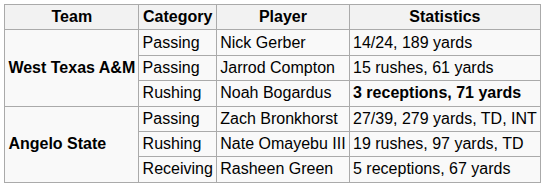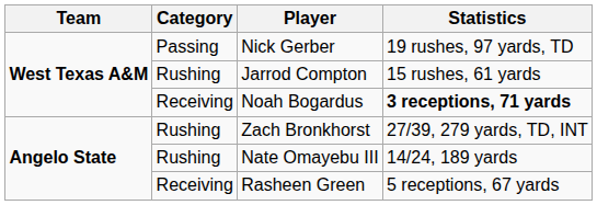 <table class="wikitable" style="float: right;">
 <tr>
 <th>Team</th>
 <th>Category</th>
 <th>Player</th>
 <th>Statistics</th>
 </tr>
 <tr>
 <td rowspan=3><strong>West Texas A&M</strong></td>
 <td>Passing</td>
 <td>Nick Gerber</td>
-<td>14/24, 189 yards</td>
+<td>19 rushes, 97 yards, TD</td>
 </tr>
 <tr>
-<td>Passing</td>
+<td>Rushing</td>
 <td>Jarrod Compton</td>
 <td>15 rushes, 61 yards</td>
 </tr>
 <tr>
-<td>Rushing</td>
+<td>Receiving</td>
 <td>Noah Bogardus</td>
 <td><strong>3 receptions, 71 yards</strong></td>
 </tr>
 <tr>
 <td rowspan=3><strong>Angelo State</strong></td>
-<td>Passing</td>
+<td>Rushing</td>
 <td>Zach Bronkhorst</td>
 <td>27/39, 279 yards, TD, INT</td>
 </tr>
 <tr>
 <td>Rushing</td>
 <td>Nate Omayebu III</td>
-<td>19 rushes, 97 yards, TD</td>
+<td>14/24, 189 yards</td>
 </tr>
 <tr>
 <td>Receiving</td>
 <td>Rasheen Green</td>
 <td>5 receptions, 67 yards</td>
 </tr>
 </table>
